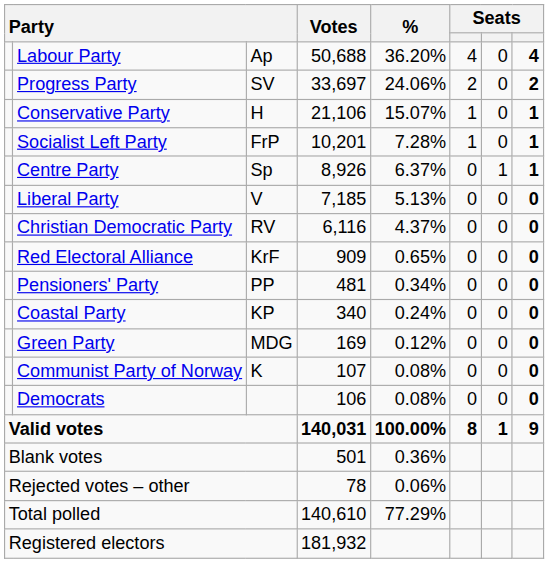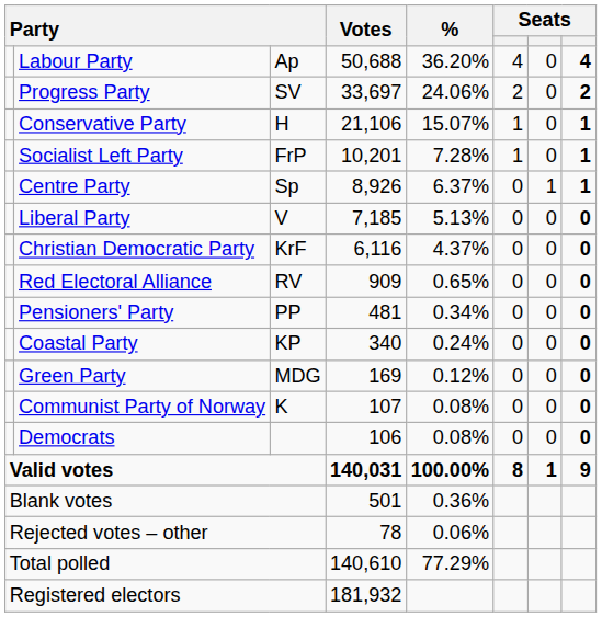 <table class="wikitable" border="1" style="text-align:right;">
 <tr>
 <th style="text-align:left;" valign=bottom rowspan=2 colspan=3>Party</th>
 <th align=center valign=bottom rowspan=2 width="50">Votes</th>
 <th align=center valign=bottom rowspan=2 width="50">%</th>
 <th colspan=3>Seats</th>
 </tr>
 <tr>
 <th align=center valign=bottom width="20"><small></small></th>
 <th align=center valign=bottom width="20"><small><a href='#'></a></small></th>
 <th align=center valign=bottom width="20"><small></small></th>
 </tr>
 <tr>
 <td style="color:inherit;background:"></td>
 <td align=left><a href='#'>Labour Party</a></td>
 <td align=left>Ap</td>
 <td>50,688</td>
 <td>36.20%</td>
 <td>4</td>
 <td>0</td>
 <td><strong>4</strong></td>
 </tr>
 <tr>
 <td style="color:inherit;background:"></td>
 <td align=left><a href='#'>Progress Party</a></td>
 <td align=left>SV</td>
 <td>33,697</td>
 <td>24.06%</td>
 <td>2</td>
 <td>0</td>
 <td><strong>2</strong></td>
 </tr>
 <tr>
 <td style="color:inherit;background:"></td>
 <td align=left><a href='#'>Conservative Party</a></td>
 <td align=left>H</td>
 <td>21,106</td>
 <td>15.07%</td>
 <td>1</td>
 <td>0</td>
 <td><strong>1</strong></td>
 </tr>
 <tr>
 <td style="color:inherit;background:"></td>
 <td align=left><a href='#'>Socialist Left Party</a></td>
 <td align=left>FrP</td>
 <td>10,201</td>
 <td>7.28%</td>
 <td>1</td>
 <td>0</td>
 <td><strong>1</strong></td>
 </tr>
 <tr>
 <td style="color:inherit;background:"></td>
 <td align=left><a href='#'>Centre Party</a></td>
 <td align=left>Sp</td>
 <td>8,926</td>
 <td>6.37%</td>
 <td>0</td>
 <td>1</td>
 <td><strong>1</strong></td>
 </tr>
 <tr>
 <td style="color:inherit;background:"></td>
 <td align=left><a href='#'>Liberal Party</a></td>
 <td align=left>V</td>
 <td>7,185</td>
 <td>5.13%</td>
 <td>0</td>
 <td>0</td>
 <td><strong>0</strong></td>
 </tr>
 <tr>
 <td style="color:inherit;background:"></td>
 <td align=left><a href='#'>Christian Democratic Party</a></td>
-<td align=left>RV</td>
+<td align=left>KrF</td>
 <td>6,116</td>
 <td>4.37%</td>
 <td>0</td>
 <td>0</td>
 <td><strong>0</strong></td>
 </tr>
 <tr>
 <td style="color:inherit;background:"></td>
 <td align=left><a href='#'>Red Electoral Alliance</a></td>
-<td align=left>KrF</td>
+<td align=left>RV</td>
 <td>909</td>
 <td>0.65%</td>
 <td>0</td>
 <td>0</td>
 <td><strong>0</strong></td>
 </tr>
 <tr>
 <td style="color:inherit;background:"></td>
 <td align=left><a href='#'>Pensioners' Party</a></td>
 <td align=left>PP</td>
 <td>481</td>
 <td>0.34%</td>
 <td>0</td>
 <td>0</td>
 <td><strong>0</strong></td>
 </tr>
 <tr>
 <td style="color:inherit;background:"></td>
 <td align=left><a href='#'>Coastal Party</a></td>
 <td align=left>KP</td>
 <td>340</td>
 <td>0.24%</td>
 <td>0</td>
 <td>0</td>
 <td><strong>0</strong></td>
 </tr>
 <tr>
 <td style="color:inherit;background:"></td>
 <td align=left><a href='#'>Green Party</a></td>
 <td align=left>MDG</td>
 <td>169</td>
 <td>0.12%</td>
 <td>0</td>
 <td>0</td>
 <td><strong>0</strong></td>
 </tr>
 <tr>
 <td style="color:inherit;background:"></td>
 <td align=left><a href='#'>Communist Party of Norway</a></td>
 <td align=left>K</td>
 <td>107</td>
 <td>0.08%</td>
 <td>0</td>
 <td>0</td>
 <td><strong>0</strong></td>
 </tr>
 <tr>
 <td style="color:inherit;background:"></td>
 <td align=left><a href='#'>Democrats</a></td>
 <td align=left></td>
 <td>106</td>
 <td>0.08%</td>
 <td>0</td>
 <td>0</td>
 <td><strong>0</strong></td>
 </tr>
 <tr style="font-weight:bold">
 <td align=left colspan=3>Valid votes</td>
 <td>140,031</td>
 <td>100.00%</td>
 <td>8</td>
 <td>1</td>
 <td>9</td>
 </tr>
 <tr>
 <td align=left colspan=3>Blank votes</td>
 <td>501</td>
 <td>0.36%</td>
 <td></td>
 <td></td>
 <td></td>
 </tr>
 <tr>
 <td align=left colspan=3>Rejected votes – other</td>
 <td>78</td>
 <td>0.06%</td>
 <td></td>
 <td></td>
 <td></td>
 </tr>
 <tr>
 <td align=left colspan=3>Total polled</td>
 <td>140,610</td>
 <td>77.29%</td>
 <td></td>
 <td></td>
 <td></td>
 </tr>
 <tr>
 <td align=left colspan=3>Registered electors</td>
 <td>181,932</td>
 <td></td>
 <td></td>
 <td></td>
 <td></td>
 </tr>
 </table>
